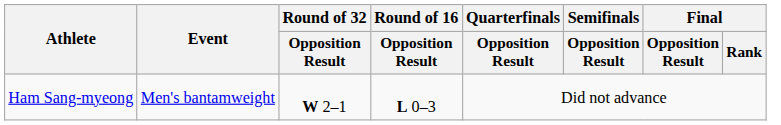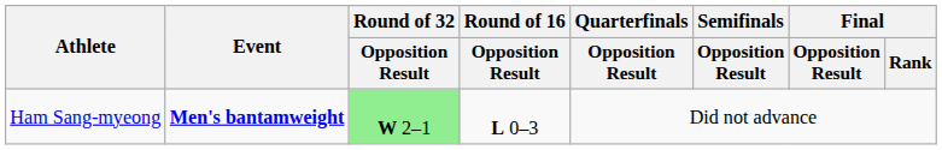 <table class="wikitable" style="font-size:90%">
 <tr>
 <th rowspan="2">Athlete</th>
 <th rowspan="2">Event</th>
 <th>Round of 32</th>
 <th>Round of 16</th>
 <th>Quarterfinals</th>
 <th>Semifinals</th>
 <th colspan=2>Final</th>
 </tr>
 <tr style="font-size:95%">
 <th>Opposition<br>Result</th>
 <th>Opposition<br>Result</th>
 <th>Opposition<br>Result</th>
 <th>Opposition<br>Result</th>
 <th>Opposition<br>Result</th>
 <th>Rank</th>
 </tr>
 <tr align=center>
 <td align=left><a href='#'>Ham Sang-myeong</a></td>
-<td align=left><a href='#'>Men's bantamweight</a></td>
-<td><br><strong>W</strong> 2–1</td>
+<td align=left><strong><a href='#'>Men's bantamweight</a></strong></td>
+<td style="background: lightgreen;"><br><strong>W</strong> 2–1</td>
 <td><br><strong>L</strong> 0–3</td>
 <td colspan=4>Did not advance</td>
 </tr>
 </table>
